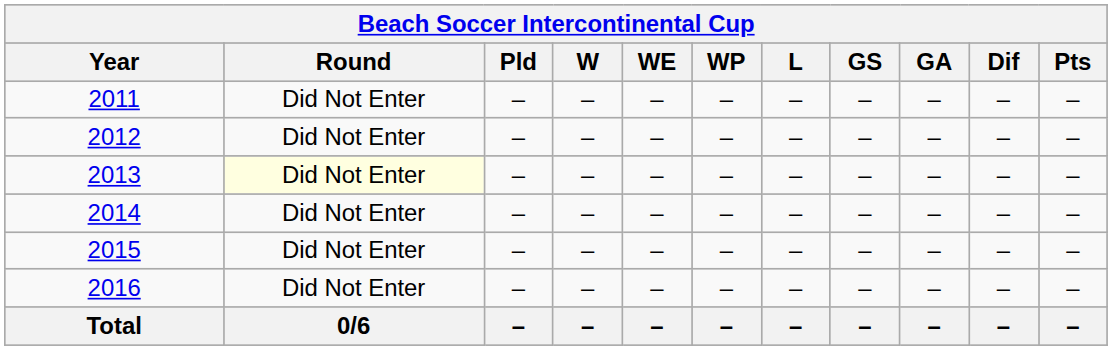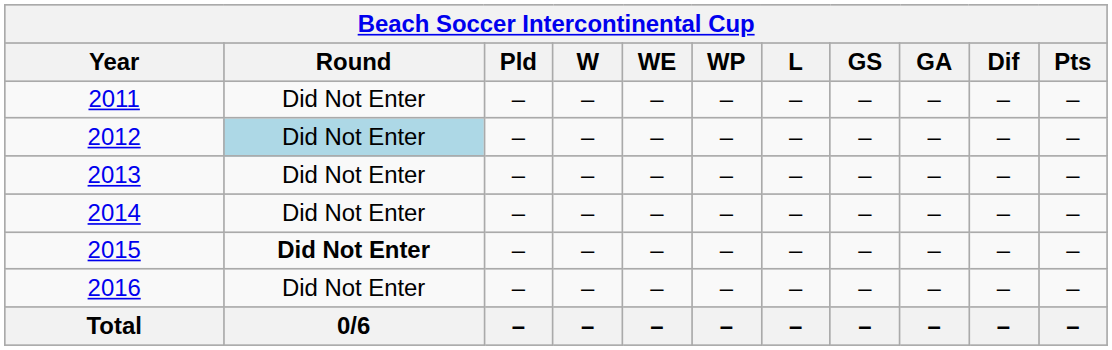 <table class="wikitable" style="text-align: center;font-size:90%;">
 <tr>
 <th colspan=11><a href='#'>Beach Soccer Intercontinental Cup</a></th>
 </tr>
 <tr>
 <th width=125>Year</th>
 <th width=150>Round</th>
 <th width=35>Pld</th>
 <th width=35>W</th>
 <th width=35>WE</th>
 <th width=35>WP</th>
 <th width=35>L</th>
 <th width=35>GS</th>
 <th width=35>GA</th>
 <th width=35>Dif</th>
 <th width=35>Pts</th>
 </tr>
 <tr>
 <td> <a href='#'>2011</a></td>
 <td>Did Not Enter</td>
 <td>–</td>
 <td>–</td>
 <td>–</td>
 <td>–</td>
 <td>–</td>
 <td>–</td>
 <td>–</td>
 <td>–</td>
 <td>–</td>
 </tr>
 <tr>
 <td> <a href='#'>2012</a></td>
-<td>Did Not Enter</td>
+<td style="background: lightblue;">Did Not Enter</td>
 <td>–</td>
 <td>–</td>
 <td>–</td>
 <td>–</td>
 <td>–</td>
 <td>–</td>
 <td>–</td>
 <td>–</td>
 <td>–</td>
 </tr>
 <tr>
 <td> <a href='#'>2013</a></td>
-<td style="background: lightyellow;">Did Not Enter</td>
+<td>Did Not Enter</td>
 <td>–</td>
 <td>–</td>
 <td>–</td>
 <td>–</td>
 <td>–</td>
 <td>–</td>
 <td>–</td>
 <td>–</td>
 <td>–</td>
 </tr>
 <tr>
 <td> <a href='#'>2014</a></td>
 <td>Did Not Enter</td>
 <td>–</td>
 <td>–</td>
 <td>–</td>
 <td>–</td>
 <td>–</td>
 <td>–</td>
 <td>–</td>
 <td>–</td>
 <td>–</td>
 </tr>
 <tr>
 <td> <a href='#'>2015</a></td>
-<td>Did Not Enter</td>
+<td><strong>Did Not Enter</strong></td>
 <td>–</td>
 <td>–</td>
 <td>–</td>
 <td>–</td>
 <td>–</td>
 <td>–</td>
 <td>–</td>
 <td>–</td>
 <td>–</td>
 </tr>
 <tr>
 <td> <a href='#'>2016</a></td>
 <td>Did Not Enter</td>
 <td>–</td>
 <td>–</td>
 <td>–</td>
 <td>–</td>
 <td>–</td>
 <td>–</td>
 <td>–</td>
 <td>–</td>
 <td>–</td>
 </tr>
 <tr>
 <th><strong>Total</strong></th>
 <th>0/6</th>
 <th>–</th>
 <th>–</th>
 <th>–</th>
 <th>–</th>
 <th>–</th>
 <th>–</th>
 <th>–</th>
 <th>–</th>
 <th>–</th>
 </tr>
 </table>
